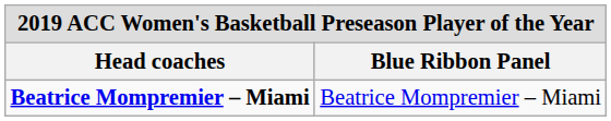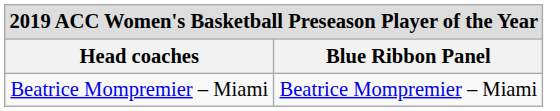 <table class="wikitable" style="white-space:nowrap; font-size:90%;">
 <tr>
 <td colspan="2" style="text-align:center; background:#ddd;"><strong>2019 ACC Women's Basketball Preseason Player of the Year</strong></td>
 </tr>
 <tr>
 <th>Head coaches</th>
 <th>Blue Ribbon Panel</th>
 </tr>
 <tr align="center">
-<td><strong><a href='#'>Beatrice Mompremier</a> – Miami</strong></td>
+<td><a href='#'>Beatrice Mompremier</a> – Miami</td>
 <td><a href='#'>Beatrice Mompremier</a> – Miami</td>
 </tr>
 </table>
